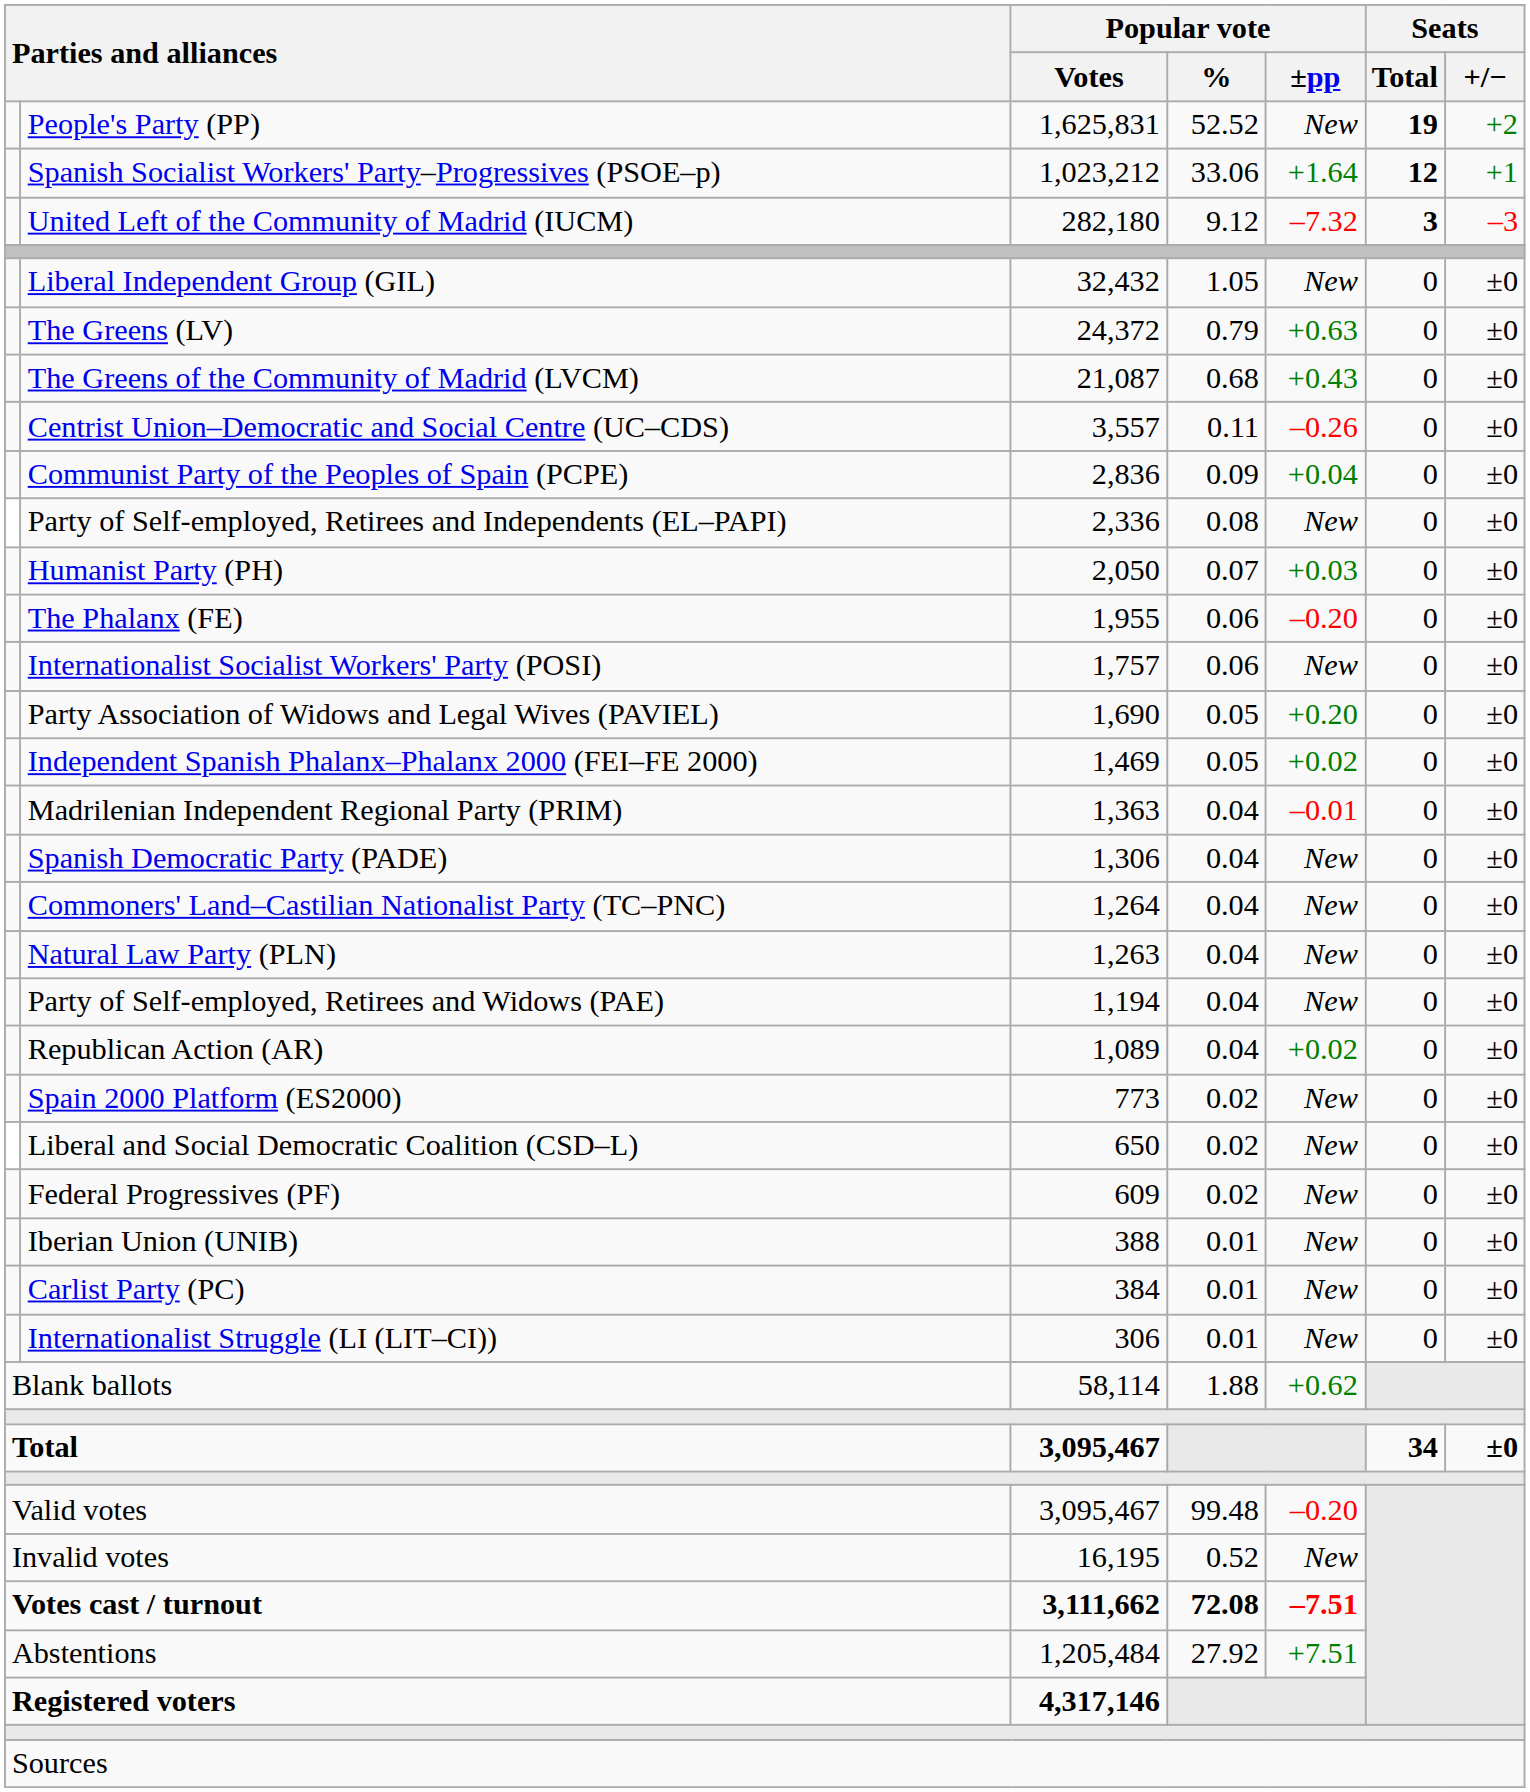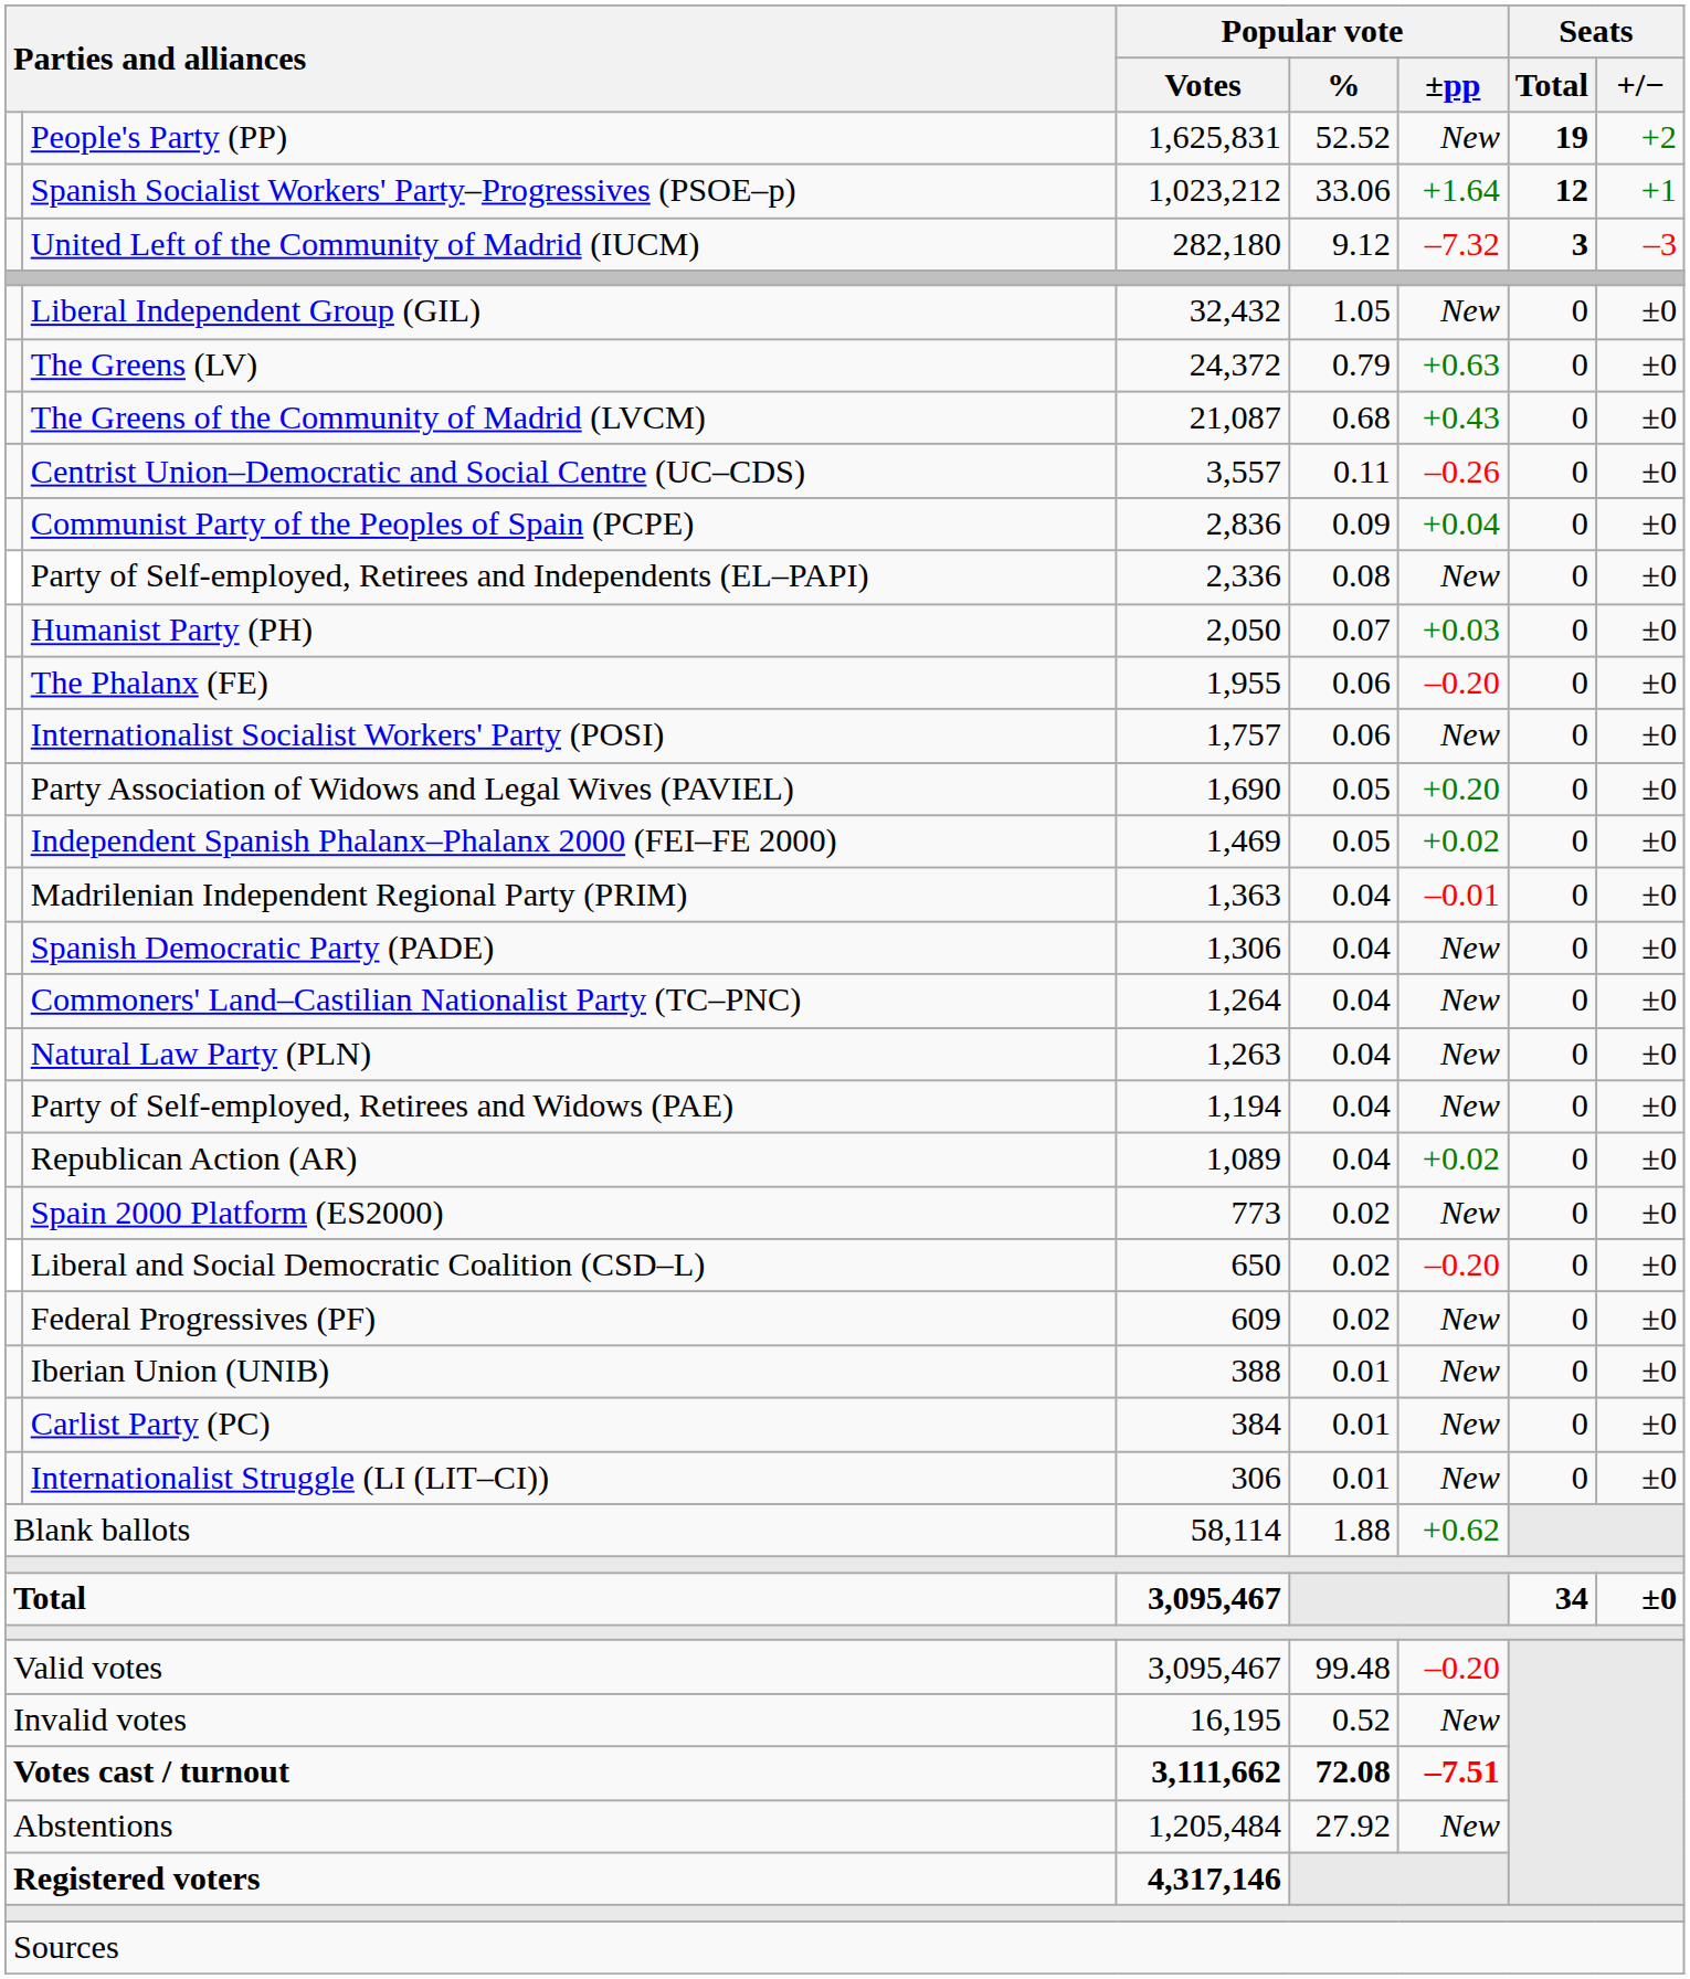 <table class="wikitable" style="text-align:right;">
 <tr>
 <th style="text-align:left;" rowspan="2" colspan="2" width="525">Parties and alliances</th>
 <th colspan="3">Popular vote</th>
 <th colspan="2">Seats</th>
 </tr>
 <tr>
 <th width="75">Votes</th>
 <th width="45">%</th>
 <th width="45">±<a href='#'>pp</a></th>
 <th width="35">Total</th>
 <th width="35">+/−</th>
 </tr>
 <tr>
 <td width="1" style="color:inherit;background:"></td>
 <td align="left"><a href='#'>People's Party</a> (PP)</td>
 <td>1,625,831</td>
 <td>52.52</td>
 <td><em>New</em></td>
 <td><strong>19</strong></td>
 <td style="color:green;">+2</td>
 </tr>
 <tr>
 <td style="color:inherit;background:"></td>
 <td align="left"><a href='#'>Spanish Socialist Workers' Party</a>–<a href='#'>Progressives</a> (PSOE–p)</td>
 <td>1,023,212</td>
 <td>33.06</td>
 <td style="color:green;">+1.64</td>
 <td><strong>12</strong></td>
 <td style="color:green;">+1</td>
 </tr>
 <tr>
 <td style="color:inherit;background:"></td>
 <td align="left"><a href='#'>United Left of the Community of Madrid</a> (IUCM)</td>
 <td>282,180</td>
 <td>9.12</td>
 <td style="color:red;">–7.32</td>
 <td><strong>3</strong></td>
 <td style="color:red;">–3</td>
 </tr>
 <tr>
 <td colspan="7" bgcolor="#C0C0C0"></td>
 </tr>
 <tr>
 <td style="color:inherit;background:"></td>
 <td align="left"><a href='#'>Liberal Independent Group</a> (GIL)</td>
 <td>32,432</td>
 <td>1.05</td>
 <td><em>New</em></td>
 <td>0</td>
 <td>±0</td>
 </tr>
 <tr>
 <td style="color:inherit;background:"></td>
 <td align="left"><a href='#'>The Greens</a> (LV)</td>
 <td>24,372</td>
 <td>0.79</td>
 <td style="color:green;">+0.63</td>
 <td>0</td>
 <td>±0</td>
 </tr>
 <tr>
 <td style="color:inherit;background:"></td>
 <td align="left"><a href='#'>The Greens of the Community of Madrid</a> (LVCM)</td>
 <td>21,087</td>
 <td>0.68</td>
 <td style="color:green;">+0.43</td>
 <td>0</td>
 <td>±0</td>
 </tr>
 <tr>
 <td style="color:inherit;background:"></td>
 <td align="left"><a href='#'>Centrist Union–Democratic and Social Centre</a> (UC–CDS)</td>
 <td>3,557</td>
 <td>0.11</td>
 <td style="color:red;">–0.26</td>
 <td>0</td>
 <td>±0</td>
 </tr>
 <tr>
 <td style="color:inherit;background:"></td>
 <td align="left"><a href='#'>Communist Party of the Peoples of Spain</a> (PCPE)</td>
 <td>2,836</td>
 <td>0.09</td>
 <td style="color:green;">+0.04</td>
 <td>0</td>
 <td>±0</td>
 </tr>
 <tr>
 <td bgcolor="white"></td>
 <td align="left">Party of Self-employed, Retirees and Independents (EL–PAPI)</td>
 <td>2,336</td>
 <td>0.08</td>
 <td><em>New</em></td>
 <td>0</td>
 <td>±0</td>
 </tr>
 <tr>
 <td style="color:inherit;background:"></td>
 <td align="left"><a href='#'>Humanist Party</a> (PH)</td>
 <td>2,050</td>
 <td>0.07</td>
 <td style="color:green;">+0.03</td>
 <td>0</td>
 <td>±0</td>
 </tr>
 <tr>
 <td style="color:inherit;background:"></td>
 <td align="left"><a href='#'>The Phalanx</a> (FE)</td>
 <td>1,955</td>
 <td>0.06</td>
 <td style="color:red;">–0.20</td>
 <td>0</td>
 <td>±0</td>
 </tr>
 <tr>
 <td style="color:inherit;background:"></td>
 <td align="left"><a href='#'>Internationalist Socialist Workers' Party</a> (POSI)</td>
 <td>1,757</td>
 <td>0.06</td>
 <td><em>New</em></td>
 <td>0</td>
 <td>±0</td>
 </tr>
 <tr>
 <td style="color:inherit;background:"></td>
 <td align="left">Party Association of Widows and Legal Wives (PAVIEL)</td>
 <td>1,690</td>
 <td>0.05</td>
 <td style="color:green;">+0.20</td>
 <td>0</td>
 <td>±0</td>
 </tr>
 <tr>
 <td style="color:inherit;background:"></td>
 <td align="left"><a href='#'>Independent Spanish Phalanx–Phalanx 2000</a> (FEI–FE 2000)</td>
 <td>1,469</td>
 <td>0.05</td>
 <td style="color:green;">+0.02</td>
 <td>0</td>
 <td>±0</td>
 </tr>
 <tr>
 <td style="color:inherit;background:"></td>
 <td align="left">Madrilenian Independent Regional Party (PRIM)</td>
 <td>1,363</td>
 <td>0.04</td>
 <td style="color:red;">–0.01</td>
 <td>0</td>
 <td>±0</td>
 </tr>
 <tr>
 <td style="color:inherit;background:"></td>
 <td align="left"><a href='#'>Spanish Democratic Party</a> (PADE)</td>
 <td>1,306</td>
 <td>0.04</td>
 <td><em>New</em></td>
 <td>0</td>
 <td>±0</td>
 </tr>
 <tr>
 <td style="color:inherit;background:"></td>
 <td align="left"><a href='#'>Commoners' Land–Castilian Nationalist Party</a> (TC–PNC)</td>
 <td>1,264</td>
 <td>0.04</td>
 <td><em>New</em></td>
 <td>0</td>
 <td>±0</td>
 </tr>
 <tr>
 <td style="color:inherit;background:"></td>
 <td align="left"><a href='#'>Natural Law Party</a> (PLN)</td>
 <td>1,263</td>
 <td>0.04</td>
 <td><em>New</em></td>
 <td>0</td>
 <td>±0</td>
 </tr>
 <tr>
 <td style="color:inherit;background:"></td>
 <td align="left">Party of Self-employed, Retirees and Widows (PAE)</td>
 <td>1,194</td>
 <td>0.04</td>
 <td><em>New</em></td>
 <td>0</td>
 <td>±0</td>
 </tr>
 <tr>
 <td style="color:inherit;background:"></td>
 <td align="left">Republican Action (AR)</td>
 <td>1,089</td>
 <td>0.04</td>
 <td style="color:green;">+0.02</td>
 <td>0</td>
 <td>±0</td>
 </tr>
 <tr>
 <td style="color:inherit;background:"></td>
 <td align="left"><a href='#'>Spain 2000 Platform</a> (ES2000)</td>
 <td>773</td>
 <td>0.02</td>
 <td><em>New</em></td>
 <td>0</td>
 <td>±0</td>
 </tr>
 <tr>
 <td bgcolor="white"></td>
 <td align="left">Liberal and Social Democratic Coalition (CSD–L)</td>
 <td>650</td>
 <td>0.02</td>
-<td><em>New</em></td>
+<td style="color:red;">–0.20</td>
 <td>0</td>
 <td>±0</td>
 </tr>
 <tr>
 <td style="color:inherit;background:"></td>
 <td align="left">Federal Progressives (PF)</td>
 <td>609</td>
 <td>0.02</td>
 <td><em>New</em></td>
 <td>0</td>
 <td>±0</td>
 </tr>
 <tr>
 <td style="color:inherit;background:"></td>
 <td align="left">Iberian Union (UNIB)</td>
 <td>388</td>
 <td>0.01</td>
 <td><em>New</em></td>
 <td>0</td>
 <td>±0</td>
 </tr>
 <tr>
 <td style="color:inherit;background:"></td>
 <td align="left"><a href='#'>Carlist Party</a> (PC)</td>
 <td>384</td>
 <td>0.01</td>
 <td><em>New</em></td>
 <td>0</td>
 <td>±0</td>
 </tr>
 <tr>
 <td style="color:inherit;background:"></td>
 <td align="left"><a href='#'>Internationalist Struggle</a> (LI (LIT–CI))</td>
 <td>306</td>
 <td>0.01</td>
 <td><em>New</em></td>
 <td>0</td>
 <td>±0</td>
 </tr>
 <tr>
 <td align="left" colspan="2">Blank ballots</td>
 <td>58,114</td>
 <td>1.88</td>
 <td style="color:green;">+0.62</td>
 <td bgcolor="#E9E9E9" colspan="2"></td>
 </tr>
 <tr>
 <td colspan="7" bgcolor="#E9E9E9"></td>
 </tr>
 <tr style="font-weight:bold;">
 <td align="left" colspan="2">Total</td>
 <td>3,095,467</td>
 <td bgcolor="#E9E9E9" colspan="2"></td>
 <td>34</td>
 <td>±0</td>
 </tr>
 <tr>
 <td colspan="7" bgcolor="#E9E9E9"></td>
 </tr>
 <tr>
 <td align="left" colspan="2">Valid votes</td>
 <td>3,095,467</td>
 <td>99.48</td>
 <td style="color:red;">–0.20</td>
 <td bgcolor="#E9E9E9" colspan="2" rowspan="5"></td>
 </tr>
 <tr>
 <td align="left" colspan="2">Invalid votes</td>
 <td>16,195</td>
 <td>0.52</td>
 <td><em>New</em></td>
 </tr>
 <tr style="font-weight:bold;">
 <td align="left" colspan="2">Votes cast / turnout</td>
 <td>3,111,662</td>
 <td>72.08</td>
 <td style="color:red;">–7.51</td>
 </tr>
 <tr>
 <td align="left" colspan="2">Abstentions</td>
 <td>1,205,484</td>
 <td>27.92</td>
-<td style="color:green;">+7.51</td>
+<td><em>New</em></td>
 </tr>
 <tr style="font-weight:bold;">
 <td align="left" colspan="2">Registered voters</td>
 <td>4,317,146</td>
 <td bgcolor="#E9E9E9" colspan="2"></td>
 </tr>
 <tr>
 <td colspan="7" bgcolor="#E9E9E9"></td>
 </tr>
 <tr>
 <td align="left" colspan="7">Sources</td>
 </tr>
 </table>
